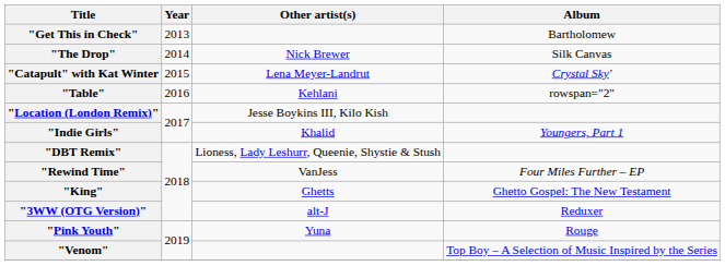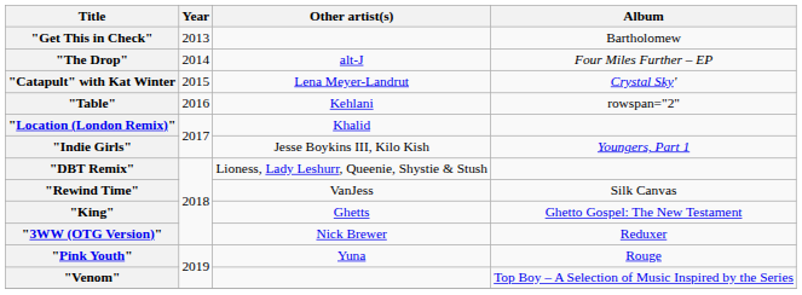 <table class="wikitable plainrowheaders" style="text-align:center;">
 <tr>
 <th scope="col">Title</th>
 <th scope="col">Year</th>
 <th scope="col">Other artist(s)</th>
 <th scope="col">Album</th>
 </tr>
 <tr>
 <th scope="row">"Get This in Check"</th>
 <td>2013</td>
 <td></td>
 <td></em>Bartholomew<em></td>
 </tr>
 <tr>
 <th scope="row">"The Drop"</th>
 <td>2014</td>
-<td><a href='#'>Nick Brewer</a></td>
-<td></em>Silk Canvas<em></td>
+<td><a href='#'>alt-J</a></td>
+<td><em>Four Miles Further – EP</em></td>
 </tr>
 <tr>
 <th scope="row">"Catapult" with Kat Winter</th>
 <td>2015</td>
 <td><a href='#'>Lena Meyer-Landrut</a></td>
 <td><em><a href='#'>Crystal Sky</a>'</td>
 </tr>
 <tr>
 <th scope="row">"Table"</th>
 <td>2016</td>
 <td><a href='#'>Kehlani</a></td>
 <td>rowspan="2" </td>
 </tr>
 <tr>
 <th scope="row">"<a href='#'>Location (London Remix)</a>"</th>
 <td rowspan="2">2017</td>
-<td>Jesse Boykins III, Kilo Kish</td>
+<td><a href='#'>Khalid</a></td>
 </tr>
 <tr>
 <th scope="row">"Indie Girls"</th>
-<td><a href='#'>Khalid</a></td>
+<td>Jesse Boykins III, Kilo Kish</td>
 <td><em><a href='#'>Youngers, Part 1</a></em></td>
 </tr>
 <tr>
 <th scope="row">"DBT Remix"</th>
 <td rowspan="4">2018</td>
 <td>Lioness, <a href='#'>Lady Leshurr</a>, Queenie, Shystie & Stush</td>
 <td></td>
 </tr>
 <tr>
 <th scope="row">"Rewind Time"</th>
 <td>VanJess</td>
-<td><em>Four Miles Further – EP</em></td>
+<td></em>Silk Canvas<em></td>
 </tr>
 <tr>
 <th scope="row">"King"</th>
 <td><a href='#'>Ghetts</a></td>
 <td></em><a href='#'>Ghetto Gospel: The New Testament</a><em></td>
 </tr>
 <tr>
 <th scope="row">"<a href='#'>3WW (OTG Version)</a>"</th>
-<td><a href='#'>alt-J</a></td>
+<td><a href='#'>Nick Brewer</a></td>
 <td></em><a href='#'>Reduxer</a><em></td>
 </tr>
 <tr>
 <th scope="row">"<a href='#'>Pink Youth</a>"</th>
 <td rowspan="2">2019</td>
 <td><a href='#'>Yuna</a></td>
 <td></em><a href='#'>Rouge</a><em></td>
 </tr>
 <tr>
 <th scope="row">"Venom"</th>
 <td></td>
 <td></em><a href='#'>Top Boy – A Selection of Music Inspired by the Series</a><em></td>
 </tr>
 <tr>
 </tr>
 </table>
